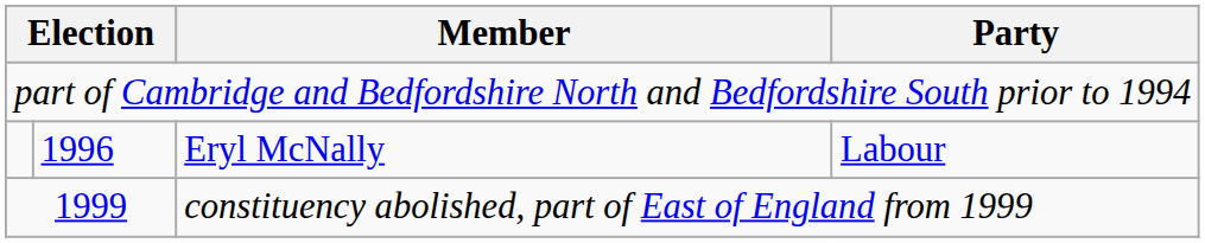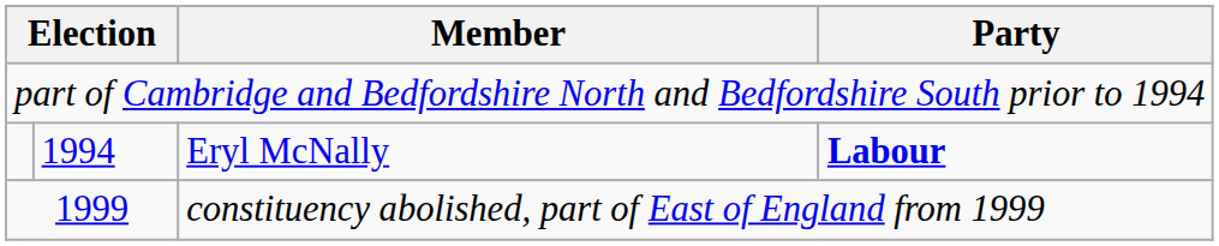 <table class="wikitable">
 <tr>
 <th colspan="2">Election</th>
 <th>Member</th>
 <th>Party</th>
 </tr>
 <tr>
 <td colspan="4" align="center"><em>part of <a href='#'>Cambridge and Bedfordshire North</a> and <a href='#'>Bedfordshire South</a> prior to 1994</em></td>
 </tr>
 <tr>
 <td style="background-color: "></td>
-<td><a href='#'>1996</a></td>
+<td><a href='#'>1994</a></td>
 <td><a href='#'>Eryl McNally</a></td>
-<td><a href='#'>Labour</a></td>
+<td><strong><a href='#'>Labour</a></strong></td>
 </tr>
 <tr>
 <td colspan="2" align="center"><a href='#'>1999</a></td>
 <td colspan="2"><em>constituency abolished, part of <a href='#'>East of England</a> from 1999</em></td>
 </tr>
 </table>
